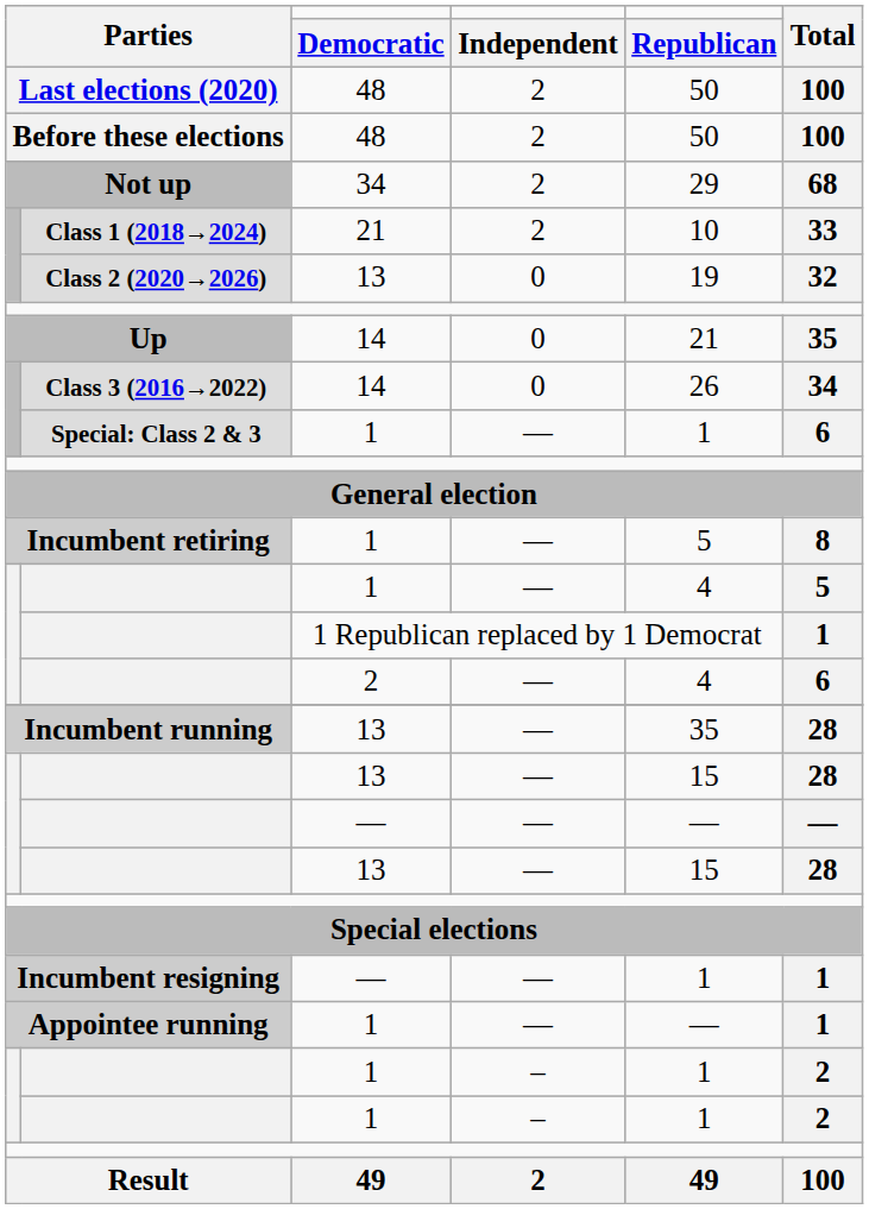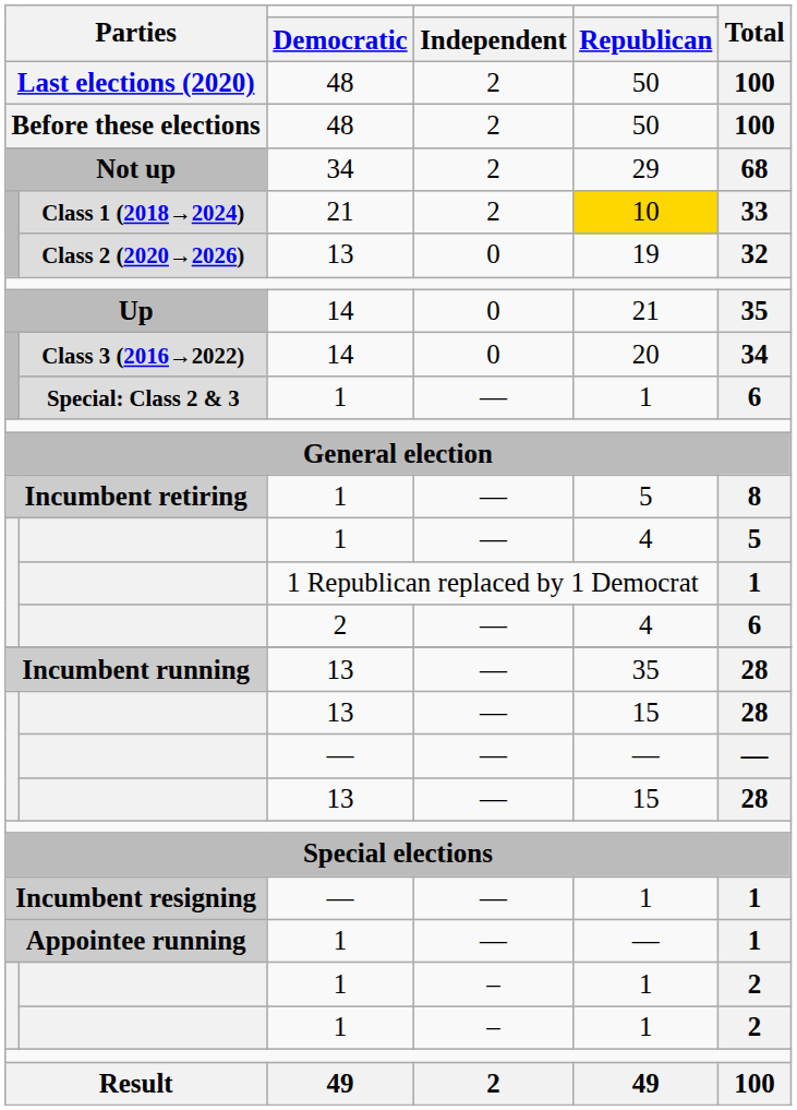 <table class=wikitable style="text-align:center">
 <tr>
 <th colspan=2 rowspan=2>Parties</th>
 <td style="background-color:"></td>
 <td style="background-color:"></td>
 <td style="background-color:"></td>
 <th rowspan=2>Total</th>
 </tr>
 <tr>
 <th><a href='#'>Democratic</a></th>
 <th>Independent</th>
 <th><a href='#'>Republican</a></th>
 </tr>
 <tr>
 <th colspan=2><a href='#'>Last elections (2020)</a></th>
 <td>48</td>
 <td>2</td>
 <td>50</td>
 <th>100</th>
 </tr>
 <tr>
 <th colspan=2>Before these elections</th>
 <td>48</td>
 <td>2</td>
 <td>50</td>
 <th>100</th>
 </tr>
 <tr>
 <th colspan=2 style="background:#bbb">Not up</th>
 <td>34</td>
 <td>2</td>
 <td>29</td>
 <th>68</th>
 </tr>
 <tr>
 <th rowspan=2 style="background:#bbb"></th>
 <th style="background:#ddd"><small>Class 1 (<a href='#'>2018</a>→<a href='#'>2024</a>)</small></th>
 <td>21</td>
 <td>2</td>
-<td>10</td>
+<td style="background: gold;">10</td>
 <th>33</th>
 </tr>
 <tr>
 <th style="background:#ddd"><small>Class 2 (<a href='#'>2020</a>→<a href='#'>2026</a>)</small></th>
 <td>13</td>
 <td>0</td>
 <td>19</td>
 <th>32</th>
 </tr>
 <tr>
 <td colspan="6"></td>
 </tr>
 <tr>
 <th colspan=2 style="background:#bbb">Up</th>
 <td>14</td>
 <td>0</td>
 <td>21</td>
 <th>35</th>
 </tr>
 <tr>
 <th rowspan="2" style="background:#bbb"></th>
 <th style="background:#ddd"><small>Class 3 (<a href='#'>2016</a>→2022)</small></th>
 <td>14</td>
 <td>0</td>
-<td>26</td>
+<td>20</td>
 <th>34</th>
 </tr>
 <tr>
 <th style="background:#ddd"><small>Special: Class 2 & 3</small></th>
 <td>1</td>
 <td>—</td>
 <td>1</td>
 <th>6</th>
 </tr>
 <tr>
 <td colspan="6"></td>
 </tr>
 <tr>
 <th colspan=6 style="background:#bbb">General election</th>
 </tr>
 <tr>
 <th colspan=2 style="background:#ccc">Incumbent retiring</th>
 <td>1</td>
 <td>—</td>
 <td>5</td>
 <th>8</th>
 </tr>
 <tr>
 <th rowspan=3></th>
 <th></th>
 <td>1</td>
 <td>—</td>
 <td>4</td>
 <th>5</th>
 </tr>
 <tr>
 <th></th>
 <td colspan="3" > 1 Republican replaced by  1 Democrat</td>
 <th>1</th>
 </tr>
 <tr>
 <th></th>
 <td>2</td>
 <td>—</td>
 <td>4</td>
 <th>6</th>
 </tr>
 <tr>
 </tr>
 <tr>
 <th colspan=2 style="background:#ccc">Incumbent running</th>
 <td>13</td>
 <td>—</td>
 <td>35</td>
 <th>28</th>
 </tr>
 <tr>
 <th rowspan=3></th>
 <th></th>
 <td>13</td>
 <td>—</td>
 <td>15</td>
 <th>28</th>
 </tr>
 <tr>
 <th></th>
 <td>—</td>
 <td>—</td>
 <td>—</td>
 <th>—</th>
 </tr>
 <tr>
 <th></th>
 <td>13</td>
 <td>—</td>
 <td>15</td>
 <th>28</th>
 </tr>
 <tr>
 <td colspan="99"></td>
 </tr>
 <tr>
 <th colspan="8" style="background:#bbb">Special elections</th>
 </tr>
 <tr>
 <th colspan=2 style="background:#ccc">Incumbent resigning</th>
 <td>—</td>
 <td>—</td>
 <td>1</td>
 <th>1</th>
 </tr>
 <tr>
 <th colspan=2 style="background:#ccc">Appointee running</th>
 <td>1</td>
 <td>—</td>
 <td>—</td>
 <th>1</th>
 </tr>
 <tr>
 <th rowspan=2></th>
 <th></th>
 <td>1</td>
 <td>–</td>
 <td>1</td>
 <th>2</th>
 </tr>
 <tr>
 <th></th>
 <td>1</td>
 <td>–</td>
 <td>1</td>
 <th>2</th>
 </tr>
 <tr>
 <td colspan="99"></td>
 </tr>
 <tr>
 <th colspan=2>Result</th>
 <th>49</th>
 <th>2</th>
 <th>49</th>
 <th>100</th>
 </tr>
 </table>
